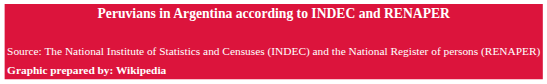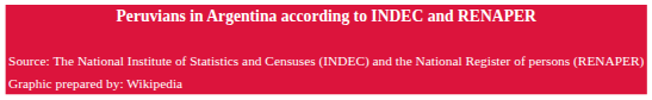 <table style="background:#dc143c; color:white; font-size:120%" align=center>
 <tr>
 <th>Peruvians in Argentina according to INDEC and RENAPER</th>
 </tr>
 <tr align="center">
 <td><br></td>
 </tr>
 <tr>
 <td><small>Source: The National Institute of Statistics and Censuses (INDEC) and the National Register of persons (RENAPER)</small></td>
 </tr>
 <tr>
-<td><strong><small>Graphic prepared by: Wikipedia</small></strong></td>
+<td><small>Graphic prepared by: Wikipedia</small></td>
 </tr>
 </table>
